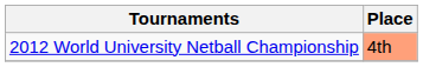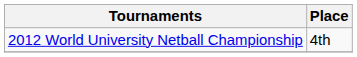 <table class="wikitable collapsible">
 <tr>
 <th>Tournaments</th>
 <th>Place</th>
 </tr>
 <tr>
 <td><a href='#'>2012 World University Netball Championship</a></td>
-<td style="background: lightsalmon;">4th</td>
+<td>4th</td>
 </tr>
 <tr>
 </tr>
 </table>
